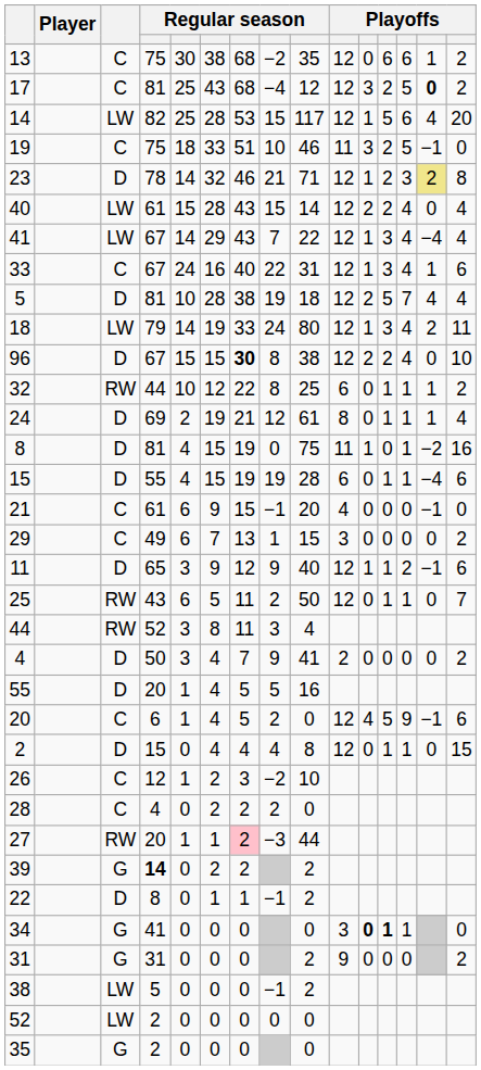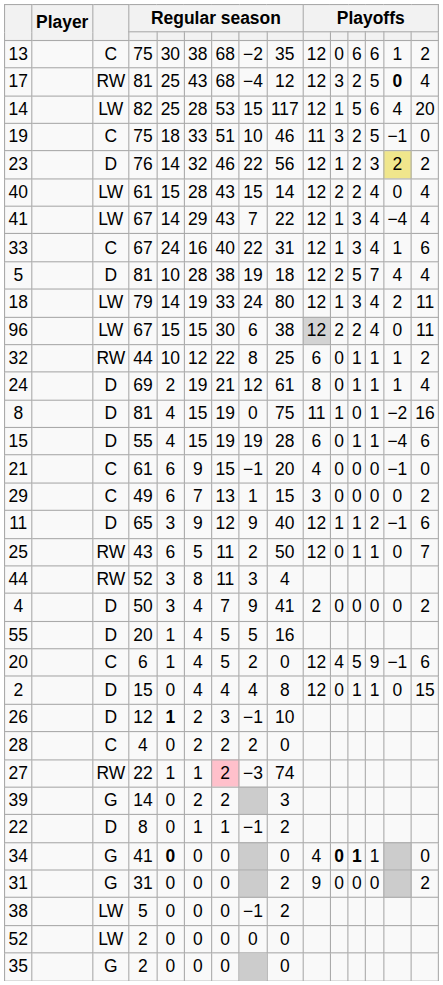 <table class="wikitable sortable plainrowheaders" style="text-align:center;">
 <tr>
 <th scope="col" data-sort-type="number" rowspan="2"></th>
 <th scope="col" rowspan="2">Player</th>
 <th scope="col" rowspan="2"></th>
 <th scope=colgroup colspan=6>Regular season</th>
 <th scope=colgroup colspan=6>Playoffs</th>
 </tr>
 <tr>
 <th scope="col" data-sort-type="number"></th>
 <th scope="col" data-sort-type="number"></th>
 <th scope="col" data-sort-type="number"></th>
 <th scope="col" data-sort-type="number"></th>
 <th scope="col" data-sort-type="number"></th>
 <th scope="col" data-sort-type="number"></th>
 <th scope="col" data-sort-type="number"></th>
 <th scope="col" data-sort-type="number"></th>
 <th scope="col" data-sort-type="number"></th>
 <th scope="col" data-sort-type="number"></th>
 <th scope="col" data-sort-type="number"></th>
 <th scope="col" data-sort-type="number"></th>
 </tr>
 <tr>
 <td scope="row">13</td>
 <td align="left"></td>
 <td>C</td>
 <td>75</td>
 <td>30</td>
 <td>38</td>
 <td>68</td>
 <td>−2</td>
 <td>35</td>
 <td>12</td>
 <td>0</td>
 <td>6</td>
 <td>6</td>
 <td>1</td>
 <td>2</td>
 </tr>
 <tr>
 <td scope="row">17</td>
 <td align="left"></td>
-<td>C</td>
+<td>RW</td>
 <td>81</td>
 <td>25</td>
 <td>43</td>
 <td>68</td>
 <td>−4</td>
 <td>12</td>
 <td>12</td>
 <td>3</td>
 <td>2</td>
 <td>5</td>
 <td><strong>0</strong></td>
-<td>2</td>
+<td>4</td>
 </tr>
 <tr>
 <td scope="row">14</td>
 <td align="left"></td>
 <td>LW</td>
 <td>82</td>
 <td>25</td>
 <td>28</td>
 <td>53</td>
 <td>15</td>
 <td>117</td>
 <td>12</td>
 <td>1</td>
 <td>5</td>
 <td>6</td>
 <td>4</td>
 <td>20</td>
 </tr>
 <tr>
 <td scope="row">19</td>
 <td align="left"></td>
 <td>C</td>
 <td>75</td>
 <td>18</td>
 <td>33</td>
 <td>51</td>
 <td>10</td>
 <td>46</td>
 <td>11</td>
 <td>3</td>
 <td>2</td>
 <td>5</td>
 <td>−1</td>
 <td>0</td>
 </tr>
 <tr>
 <td scope="row">23</td>
 <td align="left"></td>
 <td>D</td>
-<td>78</td>
+<td>76</td>
 <td>14</td>
 <td>32</td>
 <td>46</td>
-<td>21</td>
-<td>71</td>
+<td>22</td>
+<td>56</td>
 <td>12</td>
 <td>1</td>
 <td>2</td>
 <td>3</td>
 <td style="background: khaki;">2</td>
-<td>8</td>
+<td>2</td>
 </tr>
 <tr>
 <td scope="row">40</td>
 <td align="left"></td>
 <td>LW</td>
 <td>61</td>
 <td>15</td>
 <td>28</td>
 <td>43</td>
 <td>15</td>
 <td>14</td>
 <td>12</td>
 <td>2</td>
 <td>2</td>
 <td>4</td>
 <td>0</td>
 <td>4</td>
 </tr>
 <tr>
 <td scope="row">41</td>
 <td align="left"></td>
 <td>LW</td>
 <td>67</td>
 <td>14</td>
 <td>29</td>
 <td>43</td>
 <td>7</td>
 <td>22</td>
 <td>12</td>
 <td>1</td>
 <td>3</td>
 <td>4</td>
 <td>−4</td>
 <td>4</td>
 </tr>
 <tr>
 <td scope="row">33</td>
 <td align="left"></td>
 <td>C</td>
 <td>67</td>
 <td>24</td>
 <td>16</td>
 <td>40</td>
 <td>22</td>
 <td>31</td>
 <td>12</td>
 <td>1</td>
 <td>3</td>
 <td>4</td>
 <td>1</td>
 <td>6</td>
 </tr>
 <tr>
 <td scope="row">5</td>
 <td align="left"></td>
 <td>D</td>
 <td>81</td>
 <td>10</td>
 <td>28</td>
 <td>38</td>
 <td>19</td>
 <td>18</td>
 <td>12</td>
 <td>2</td>
 <td>5</td>
 <td>7</td>
 <td>4</td>
 <td>4</td>
 </tr>
 <tr>
 <td scope="row">18</td>
 <td align="left"></td>
 <td>LW</td>
 <td>79</td>
 <td>14</td>
 <td>19</td>
 <td>33</td>
 <td>24</td>
 <td>80</td>
 <td>12</td>
 <td>1</td>
 <td>3</td>
 <td>4</td>
 <td>2</td>
 <td>11</td>
 </tr>
 <tr>
 <td scope="row">96</td>
 <td align="left"></td>
-<td>D</td>
+<td>LW</td>
 <td>67</td>
 <td>15</td>
 <td>15</td>
-<td><strong>30</strong></td>
-<td>8</td>
+<td>30</td>
+<td>6</td>
 <td>38</td>
-<td>12</td>
+<td style="background: lightgrey;">12</td>
 <td>2</td>
 <td>2</td>
 <td>4</td>
 <td>0</td>
-<td>10</td>
+<td>11</td>
 </tr>
 <tr>
 <td scope="row">32</td>
 <td align="left"></td>
 <td>RW</td>
 <td>44</td>
 <td>10</td>
 <td>12</td>
 <td>22</td>
 <td>8</td>
 <td>25</td>
 <td>6</td>
 <td>0</td>
 <td>1</td>
 <td>1</td>
 <td>1</td>
 <td>2</td>
 </tr>
 <tr>
 <td scope="row">24</td>
 <td align="left"></td>
 <td>D</td>
 <td>69</td>
 <td>2</td>
 <td>19</td>
 <td>21</td>
 <td>12</td>
 <td>61</td>
 <td>8</td>
 <td>0</td>
 <td>1</td>
 <td>1</td>
 <td>1</td>
 <td>4</td>
 </tr>
 <tr>
 <td scope="row">8</td>
 <td align="left"></td>
 <td>D</td>
 <td>81</td>
 <td>4</td>
 <td>15</td>
 <td>19</td>
 <td>0</td>
 <td>75</td>
 <td>11</td>
 <td>1</td>
 <td>0</td>
 <td>1</td>
 <td>−2</td>
 <td>16</td>
 </tr>
 <tr>
 <td scope="row">15</td>
 <td align="left"></td>
 <td>D</td>
 <td>55</td>
 <td>4</td>
 <td>15</td>
 <td>19</td>
 <td>19</td>
 <td>28</td>
 <td>6</td>
 <td>0</td>
 <td>1</td>
 <td>1</td>
 <td>−4</td>
 <td>6</td>
 </tr>
 <tr>
 <td scope="row">21</td>
 <td align="left"></td>
 <td>C</td>
 <td>61</td>
 <td>6</td>
 <td>9</td>
 <td>15</td>
 <td>−1</td>
 <td>20</td>
 <td>4</td>
 <td>0</td>
 <td>0</td>
 <td>0</td>
 <td>−1</td>
 <td>0</td>
 </tr>
 <tr>
 <td scope="row">29</td>
 <td align="left"></td>
 <td>C</td>
 <td>49</td>
 <td>6</td>
 <td>7</td>
 <td>13</td>
 <td>1</td>
 <td>15</td>
 <td>3</td>
 <td>0</td>
 <td>0</td>
 <td>0</td>
 <td>0</td>
 <td>2</td>
 </tr>
 <tr>
 <td scope="row">11</td>
 <td align="left"></td>
 <td>D</td>
 <td>65</td>
 <td>3</td>
 <td>9</td>
 <td>12</td>
 <td>9</td>
 <td>40</td>
 <td>12</td>
 <td>1</td>
 <td>1</td>
 <td>2</td>
 <td>−1</td>
 <td>6</td>
 </tr>
 <tr>
 <td scope="row">25</td>
 <td align="left"></td>
 <td>RW</td>
 <td>43</td>
 <td>6</td>
 <td>5</td>
 <td>11</td>
 <td>2</td>
 <td>50</td>
 <td>12</td>
 <td>0</td>
 <td>1</td>
 <td>1</td>
 <td>0</td>
 <td>7</td>
 </tr>
 <tr>
 <td scope="row">44</td>
 <td align="left"></td>
 <td>RW</td>
 <td>52</td>
 <td>3</td>
 <td>8</td>
 <td>11</td>
 <td>3</td>
 <td>4</td>
 <td></td>
 <td></td>
 <td></td>
 <td></td>
 <td></td>
 <td></td>
 </tr>
 <tr>
 <td scope="row">4</td>
 <td align="left"></td>
 <td>D</td>
 <td>50</td>
 <td>3</td>
 <td>4</td>
 <td>7</td>
 <td>9</td>
 <td>41</td>
 <td>2</td>
 <td>0</td>
 <td>0</td>
 <td>0</td>
 <td>0</td>
 <td>2</td>
 </tr>
 <tr>
 <td scope="row">55</td>
 <td align="left"></td>
 <td>D</td>
 <td>20</td>
 <td>1</td>
 <td>4</td>
 <td>5</td>
 <td>5</td>
 <td>16</td>
 <td></td>
 <td></td>
 <td></td>
 <td></td>
 <td></td>
 <td></td>
 </tr>
 <tr>
 <td scope="row">20</td>
 <td align="left"></td>
 <td>C</td>
 <td>6</td>
 <td>1</td>
 <td>4</td>
 <td>5</td>
 <td>2</td>
 <td>0</td>
 <td>12</td>
 <td>4</td>
 <td>5</td>
 <td>9</td>
 <td>−1</td>
 <td>6</td>
 </tr>
 <tr>
 <td scope="row">2</td>
 <td align="left"></td>
 <td>D</td>
 <td>15</td>
 <td>0</td>
 <td>4</td>
 <td>4</td>
 <td>4</td>
 <td>8</td>
 <td>12</td>
 <td>0</td>
 <td>1</td>
 <td>1</td>
 <td>0</td>
 <td>15</td>
 </tr>
 <tr>
 <td scope="row">26</td>
 <td align="left"></td>
-<td>C</td>
+<td>D</td>
 <td>12</td>
-<td>1</td>
+<td><strong>1</strong></td>
 <td>2</td>
 <td>3</td>
-<td>−2</td>
+<td>−1</td>
 <td>10</td>
 <td></td>
 <td></td>
 <td></td>
 <td></td>
 <td></td>
 <td></td>
 </tr>
 <tr>
 <td scope="row">28</td>
 <td align="left"></td>
 <td>C</td>
 <td>4</td>
 <td>0</td>
 <td>2</td>
 <td>2</td>
 <td>2</td>
 <td>0</td>
 <td></td>
 <td></td>
 <td></td>
 <td></td>
 <td></td>
 <td></td>
 </tr>
 <tr>
 <td scope="row">27</td>
 <td align="left"></td>
 <td>RW</td>
-<td>20</td>
+<td>22</td>
 <td>1</td>
 <td>1</td>
 <td style="background: pink;">2</td>
 <td>−3</td>
-<td>44</td>
+<td>74</td>
 <td></td>
 <td></td>
 <td></td>
 <td></td>
 <td></td>
 <td></td>
 </tr>
 <tr>
 <td scope="row">39</td>
 <td align="left"></td>
 <td>G</td>
-<td><strong>14</strong></td>
+<td>14</td>
 <td>0</td>
 <td>2</td>
 <td>2</td>
 <td style="background:#ccc"></td>
-<td>2</td>
+<td>3</td>
 <td></td>
 <td></td>
 <td></td>
 <td></td>
 <td></td>
 <td></td>
 </tr>
 <tr>
 <td scope="row">22</td>
 <td align="left"></td>
 <td>D</td>
 <td>8</td>
 <td>0</td>
 <td>1</td>
 <td>1</td>
 <td>−1</td>
 <td>2</td>
 <td></td>
 <td></td>
 <td></td>
 <td></td>
 <td></td>
 <td></td>
 </tr>
 <tr>
 <td scope="row">34</td>
 <td align="left"></td>
 <td>G</td>
 <td>41</td>
-<td>0</td>
+<td><strong>0</strong></td>
 <td>0</td>
 <td>0</td>
 <td style="background:#ccc"></td>
 <td>0</td>
-<td>3</td>
+<td>4</td>
 <td><strong>0</strong></td>
 <td><strong>1</strong></td>
 <td>1</td>
 <td style="background:#ccc"></td>
 <td>0</td>
 </tr>
 <tr>
 <td scope="row">31</td>
 <td align="left"></td>
 <td>G</td>
 <td>31</td>
 <td>0</td>
 <td>0</td>
 <td>0</td>
 <td style="background:#ccc"></td>
 <td>2</td>
 <td>9</td>
 <td>0</td>
 <td>0</td>
 <td>0</td>
 <td style="background:#ccc"></td>
 <td>2</td>
 </tr>
 <tr>
 <td scope="row">38</td>
 <td align="left"></td>
 <td>LW</td>
 <td>5</td>
 <td>0</td>
 <td>0</td>
 <td>0</td>
 <td>−1</td>
 <td>2</td>
 <td></td>
 <td></td>
 <td></td>
 <td></td>
 <td></td>
 <td></td>
 </tr>
 <tr>
 <td scope="row">52</td>
 <td align="left"></td>
 <td>LW</td>
 <td>2</td>
 <td>0</td>
 <td>0</td>
 <td>0</td>
 <td>0</td>
 <td>0</td>
 <td></td>
 <td></td>
 <td></td>
 <td></td>
 <td></td>
 <td></td>
 </tr>
 <tr>
 <td scope="row">35</td>
 <td align="left"></td>
 <td>G</td>
 <td>2</td>
 <td>0</td>
 <td>0</td>
 <td>0</td>
 <td style="background:#ccc"></td>
 <td>0</td>
 <td></td>
 <td></td>
 <td></td>
 <td></td>
 <td></td>
 <td></td>
 </tr>
 </table>
